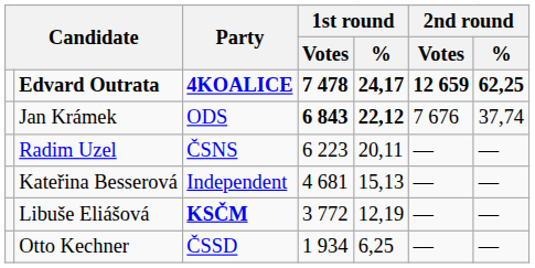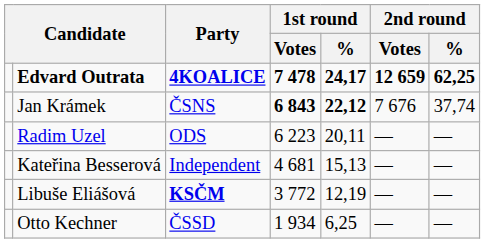 <table class="wikitable sortable">
 <tr>
 <th colspan="2" rowspan="2">Candidate</th>
 <th rowspan="2">Party</th>
 <th colspan="2">1st round</th>
 <th colspan="2">2nd round</th>
 </tr>
 <tr>
 <th>Votes</th>
 <th>%</th>
 <th>Votes</th>
 <th>%</th>
 </tr>
 <tr>
 <td style="background-color:"></td>
 <td><strong>Edvard Outrata</strong></td>
 <td><a href='#'><strong>4KOALICE</strong></a></td>
 <td><strong>7 478</strong></td>
 <td><strong>24,17</strong></td>
 <td><strong>12 659</strong></td>
 <td><strong>62,25</strong></td>
 </tr>
 <tr>
 <td style="background-color:"></td>
 <td>Jan Krámek</td>
-<td><a href='#'>ODS</a></td>
+<td><a href='#'>ČSNS</a></td>
 <td><strong>6 843</strong></td>
 <td><strong>22,12</strong></td>
 <td>7 676</td>
 <td>37,74</td>
 </tr>
 <tr>
 <td style="background-color:"></td>
 <td><a href='#'>Radim Uzel</a></td>
-<td><a href='#'>ČSNS</a></td>
+<td><a href='#'>ODS</a></td>
 <td>6 223</td>
 <td>20,11</td>
 <td>—</td>
 <td>—</td>
 </tr>
 <tr>
 <td style="background-color:"></td>
 <td>Kateřina Besserová</td>
 <td><a href='#'>Independent</a></td>
 <td>4 681</td>
 <td>15,13</td>
 <td>—</td>
 <td>—</td>
 </tr>
 <tr>
 <td style="background-color:"></td>
 <td>Libuše Eliášová</td>
 <td><strong><a href='#'>KSČM</a></strong></td>
 <td>3 772</td>
 <td>12,19</td>
 <td>—</td>
 <td>—</td>
 </tr>
 <tr>
 <td style="background-color:"></td>
 <td>Otto Kechner</td>
 <td><a href='#'>ČSSD</a></td>
 <td>1 934</td>
 <td>6,25</td>
 <td>—</td>
 <td>—</td>
 </tr>
 </table>
